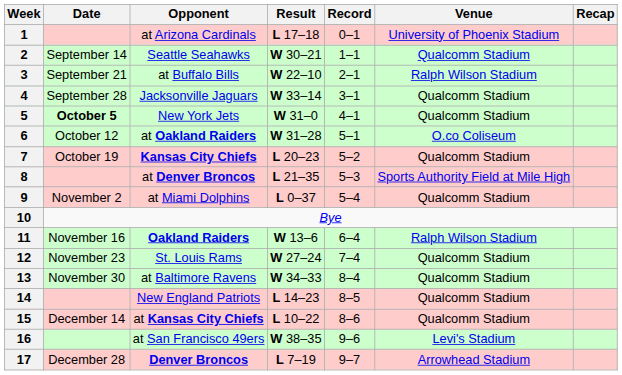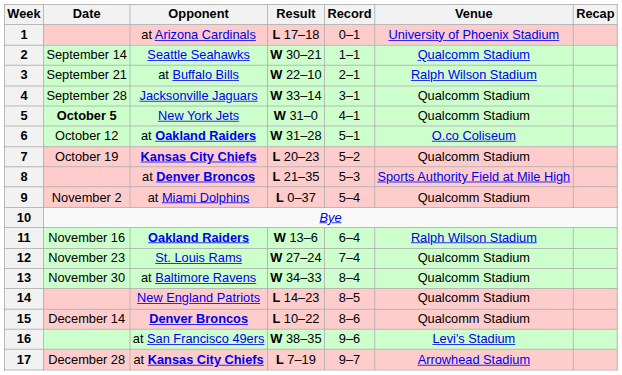 <table class="wikitable" style="text-align:center">
 <tr>
 <th>Week</th>
 <th>Date</th>
 <th>Opponent</th>
 <th>Result</th>
 <th>Record</th>
 <th>Venue</th>
 <th>Recap</th>
 </tr>
 <tr style="background:#fcc; text-align:center;">
 <th>1</th>
 <td></td>
 <td>at <a href='#'>Arizona Cardinals</a></td>
 <td><strong>L</strong> 17–18</td>
 <td>0–1</td>
 <td><a href='#'>University of Phoenix Stadium</a></td>
 <td></td>
 </tr>
 <tr style="background:#cfc; text-align:center;">
 <th>2</th>
 <td>September 14</td>
 <td><a href='#'>Seattle Seahawks</a></td>
 <td><strong>W</strong> 30–21</td>
 <td>1–1</td>
 <td><a href='#'>Qualcomm Stadium</a></td>
 <td></td>
 </tr>
 <tr style="background:#cfc; text-align:center;">
 <th>3</th>
 <td>September 21</td>
 <td>at <a href='#'>Buffalo Bills</a></td>
 <td><strong>W</strong> 22–10</td>
 <td>2–1</td>
 <td><a href='#'>Ralph Wilson Stadium</a></td>
 <td></td>
 </tr>
 <tr style="background:#cfc; text-align:center;">
 <th>4</th>
 <td>September 28</td>
 <td><a href='#'>Jacksonville Jaguars</a></td>
 <td><strong>W</strong> 33–14</td>
 <td>3–1</td>
 <td>Qualcomm Stadium</td>
 <td></td>
 </tr>
 <tr style="background:#cfc; text-align:center;">
 <th>5</th>
 <td><strong>October 5</strong></td>
 <td><a href='#'>New York Jets</a></td>
 <td><strong>W</strong> 31–0</td>
 <td>4–1</td>
 <td>Qualcomm Stadium</td>
 <td></td>
 </tr>
 <tr style="background:#cfc; text-align:center;">
 <th>6</th>
 <td>October 12</td>
 <td>at <strong><a href='#'>Oakland Raiders</a></strong></td>
 <td><strong>W</strong> 31–28</td>
 <td>5–1</td>
 <td><a href='#'>O.co Coliseum</a></td>
 <td></td>
 </tr>
 <tr style="background:#fcc; text-align:center;">
 <th>7</th>
 <td>October 19</td>
 <td><strong><a href='#'>Kansas City Chiefs</a></strong></td>
 <td><strong>L</strong> 20–23</td>
 <td>5–2</td>
 <td>Qualcomm Stadium</td>
 <td></td>
 </tr>
 <tr style="background:#fcc; text-align:center;">
 <th>8</th>
 <td></td>
 <td>at <strong><a href='#'>Denver Broncos</a></strong></td>
 <td><strong>L</strong> 21–35</td>
 <td>5–3</td>
 <td><a href='#'>Sports Authority Field at Mile High</a></td>
 <td></td>
 </tr>
 <tr style="background:#fcc; text-align:center;">
 <th>9</th>
 <td>November 2</td>
 <td>at <a href='#'>Miami Dolphins</a></td>
 <td><strong>L</strong> 0–37</td>
 <td>5–4</td>
 <td>Qualcomm Stadium</td>
 <td></td>
 </tr>
 <tr>
 <th>10</th>
 <td colspan="6" style="text-align:center;"><em><a href='#'>Bye</a></em></td>
 </tr>
 <tr style="background:#cfc; text-align:center;">
 <th>11</th>
 <td>November 16</td>
 <td><strong><a href='#'>Oakland Raiders</a></strong></td>
 <td><strong>W</strong> 13–6</td>
 <td>6–4</td>
 <td><a href='#'>Ralph Wilson Stadium</a></td>
 <td></td>
 </tr>
 <tr style="background:#cfc; text-align:center;">
 <th>12</th>
 <td>November 23</td>
 <td><a href='#'>St. Louis Rams</a></td>
 <td><strong>W</strong> 27–24</td>
 <td>7–4</td>
 <td>Qualcomm Stadium</td>
 <td></td>
 </tr>
 <tr style="background:#cfc; text-align:center;">
 <th>13</th>
 <td>November 30</td>
 <td>at <a href='#'>Baltimore Ravens</a></td>
 <td><strong>W</strong> 34–33</td>
 <td>8–4</td>
 <td>Qualcomm Stadium</td>
 <td></td>
 </tr>
 <tr style="background:#fcc; text-align:center;">
 <th>14</th>
 <td></td>
 <td><a href='#'>New England Patriots</a></td>
 <td><strong>L</strong> 14–23</td>
 <td>8–5</td>
 <td>Qualcomm Stadium</td>
 <td></td>
 </tr>
 <tr style="background:#fcc; text-align:center;">
 <th>15</th>
 <td>December 14</td>
-<td>at <strong><a href='#'>Kansas City Chiefs</a></strong></td>
+<td><strong><a href='#'>Denver Broncos</a></strong></td>
 <td><strong>L</strong> 10–22</td>
 <td>8–6</td>
 <td>Qualcomm Stadium</td>
 <td></td>
 </tr>
 <tr style="background:#cfc; text-align:center;">
 <th>16</th>
 <td></td>
 <td>at <a href='#'>San Francisco 49ers</a></td>
 <td><strong>W</strong> 38–35 </td>
 <td>9–6</td>
 <td><a href='#'>Levi's Stadium</a></td>
 <td></td>
 </tr>
 <tr style="background:#fcc; text-align:center;">
 <th>17</th>
 <td>December 28</td>
-<td><strong><a href='#'>Denver Broncos</a></strong></td>
+<td>at <strong><a href='#'>Kansas City Chiefs</a></strong></td>
 <td><strong>L</strong> 7–19</td>
 <td>9–7</td>
 <td><a href='#'>Arrowhead Stadium</a></td>
 <td></td>
 </tr>
 </table>
